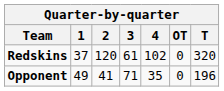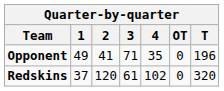 <table class="wikitable" style="text-align:center">
 <tr>
 <th colspan="7">Quarter-by-quarter</th>
 </tr>
 <tr>
 <th>Team</th>
 <th>1</th>
 <th>2</th>
 <th>3</th>
 <th>4</th>
 <th>OT</th>
 <th>T</th>
 </tr>
 <tr>
+<td><strong>Opponent</strong></td>
+<td>49</td>
+<td>41</td>
+<td>71</td>
+<td>35</td>
+<td>0</td>
+<td>196</td>
+</tr>
+<tr>
 <td><strong>Redskins</strong></td>
 <td>37</td>
 <td>120</td>
 <td>61</td>
 <td>102</td>
 <td>0</td>
 <td>320</td>
 </tr>
-<tr>
-<td><strong>Opponent</strong></td>
-<td>49</td>
-<td>41</td>
-<td>71</td>
-<td>35</td>
-<td>0</td>
-<td>196</td>
-</tr>
 </table>
